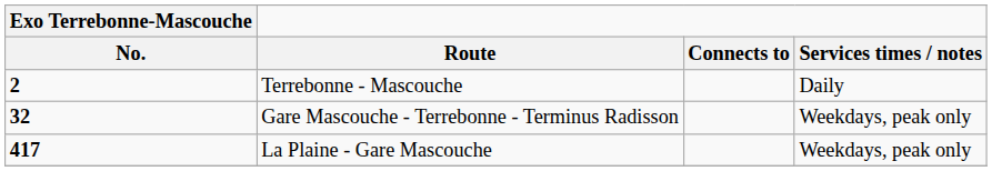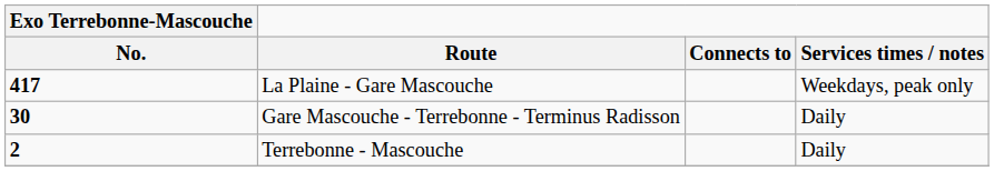 <table align=center class="wikitable">
 <tr>
 <th style="background: #">Exo Terrebonne-Mascouche</th>
 </tr>
 <tr>
 <th>No.</th>
 <th>Route</th>
 <th>Connects to</th>
 <th>Services times / notes</th>
 </tr>
 <tr>
+<td {{border> <strong>417</strong></td>
+<td>La Plaine - Gare Mascouche</td>
+<td></td>
+<td>Weekdays, peak only</td>
+</tr>
+<tr>
+<td {{border> <strong>30</strong></td>
+<td>Gare Mascouche - Terrebonne - Terminus Radisson</td>
+<td></td>
+<td>Daily</td>
+</tr>
+<tr>
 <td {{border> <strong>2</strong></td>
 <td>Terrebonne - Mascouche</td>
 <td></td>
 <td>Daily</td>
 </tr>
 <tr>
-<td {{border> <strong>32</strong></td>
-<td>Gare Mascouche - Terrebonne - Terminus Radisson</td>
-<td></td>
-<td>Weekdays, peak only</td>
-</tr>
-<tr>
-<td {{border> <strong>417</strong></td>
-<td>La Plaine - Gare Mascouche</td>
-<td></td>
-<td>Weekdays, peak only</td>
-</tr>
-<tr>
 </tr>
 </table>
